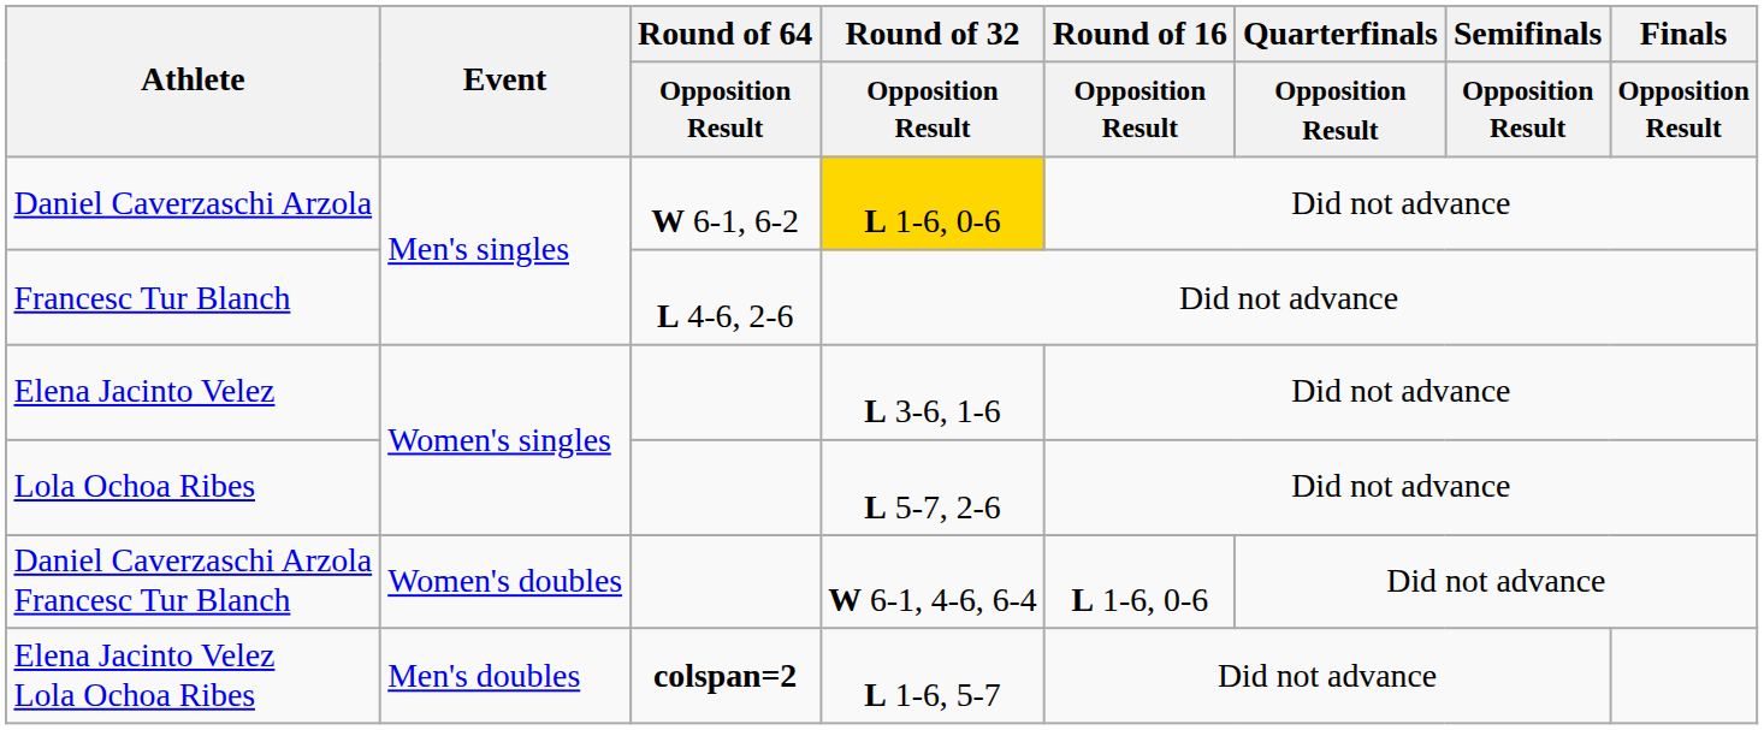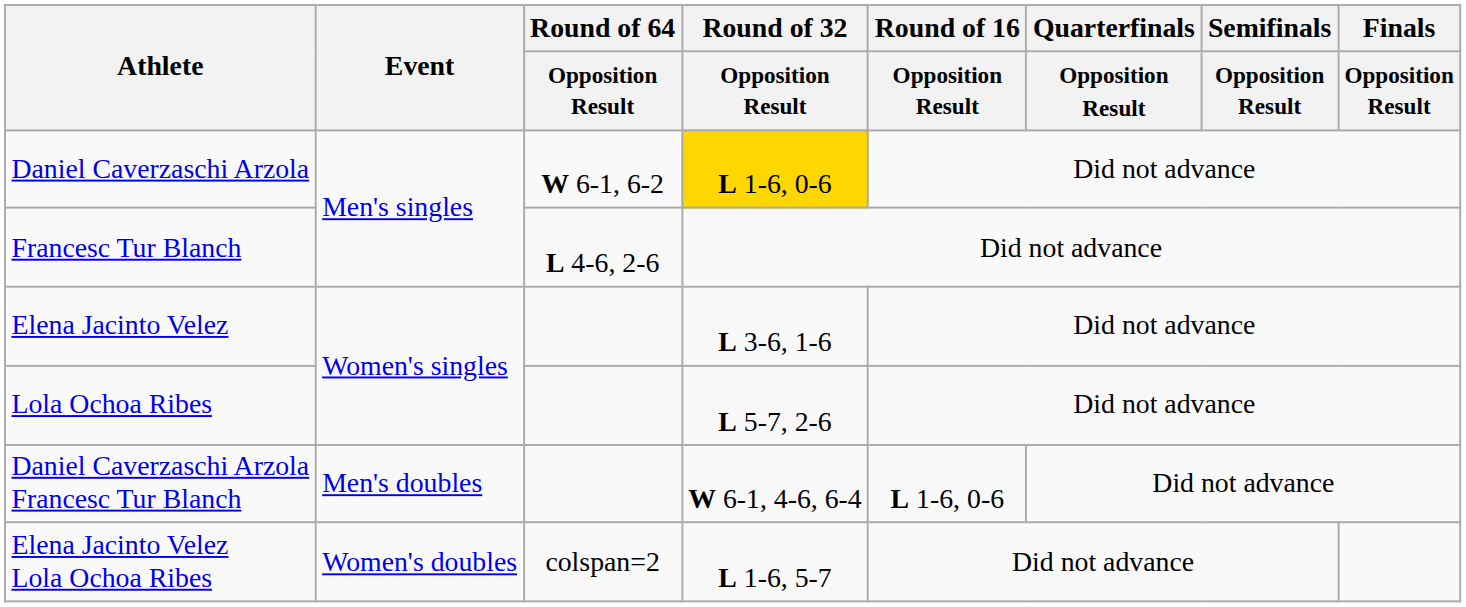 <table class=wikitable style="font-size:90%">
 <tr>
 <th rowspan="2">Athlete</th>
 <th rowspan="2">Event</th>
 <th>Round of 64</th>
 <th>Round of 32</th>
 <th>Round of 16</th>
 <th>Quarterfinals</th>
 <th>Semifinals</th>
 <th>Finals</th>
 </tr>
 <tr>
 <th style="line-height:1em"><small>Opposition<br>Result</small></th>
 <th style="line-height:1em"><small>Opposition<br>Result</small></th>
 <th style="line-height:1em"><small>Opposition<br>Result</small></th>
 <th style=”line-height:1em”><small>Opposition<br>Result</small></th>
 <th style="line-height:1em"><small>Opposition<br>Result</small></th>
 <th style="line-height:1em"><small>Opposition<br>Result</small></th>
 </tr>
 <tr align=center>
 <td align=left><a href='#'>Daniel Caverzaschi Arzola</a></td>
 <td align=left rowspan=2><a href='#'>Men's singles</a></td>
 <td><br><strong>W</strong> 6-1, 6-2</td>
 <td style="background: gold;"><br><strong>L</strong> 1-6, 0-6</td>
 <td colspan=4>Did not advance</td>
 </tr>
 <tr align=center>
 <td align=left><a href='#'>Francesc Tur Blanch</a></td>
 <td><br><strong>L</strong> 4-6, 2-6</td>
 <td colspan=5>Did not advance</td>
 </tr>
 <tr align=center>
 <td align=left><a href='#'>Elena Jacinto Velez</a></td>
 <td align=left rowspan=2><a href='#'>Women's singles</a></td>
 <td></td>
 <td><br><strong>L</strong> 3-6, 1-6</td>
 <td colspan=4>Did not advance</td>
 </tr>
 <tr align=center>
 <td align=left><a href='#'>Lola Ochoa Ribes</a></td>
 <td></td>
 <td><br><strong>L</strong> 5-7, 2-6</td>
 <td colspan=4>Did not advance</td>
 </tr>
 <tr align=center>
 <td align=left><a href='#'>Daniel Caverzaschi Arzola</a><br><a href='#'>Francesc Tur Blanch</a></td>
-<td align=left><a href='#'>Women's doubles</a></td>
+<td align=left><a href='#'>Men's doubles</a></td>
 <td></td>
 <td><br><strong>W</strong> 6-1, 4-6, 6-4</td>
 <td><br><strong>L</strong> 1-6, 0-6</td>
 <td colspan=3>Did not advance</td>
 </tr>
 <tr align=center>
 <td align=left><a href='#'>Elena Jacinto Velez</a><br><a href='#'>Lola Ochoa Ribes</a></td>
-<td align=left><a href='#'>Men's doubles</a></td>
-<td><strong>colspan=2 </strong></td>
+<td align=left><a href='#'>Women's doubles</a></td>
+<td>colspan=2 </td>
 <td><br><strong>L</strong> 1-6, 5-7</td>
 <td colspan=3>Did not advance</td>
 </tr>
 </table>
